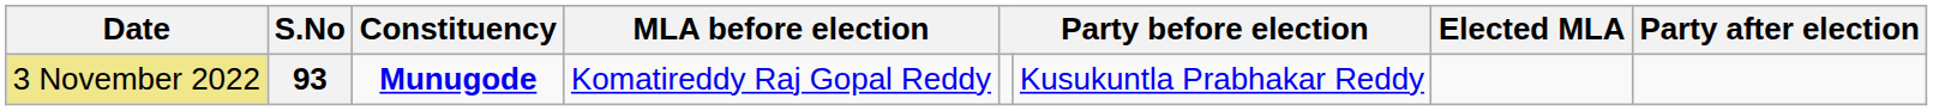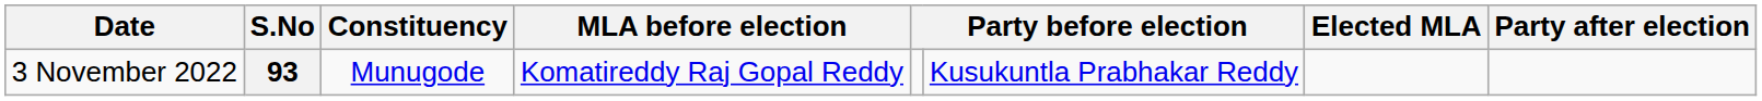 <table class="wikitable sortable" style="text-align:center;">
 <tr>
 <th>Date</th>
 <th>S.No</th>
 <th>Constituency</th>
 <th>MLA before election</th>
 <th colspan="2">Party before election</th>
 <th>Elected MLA</th>
 <th colspan="2">Party after election</th>
 </tr>
 <tr>
-<td style="background: khaki;">3 November 2022</td>
+<td>3 November 2022</td>
 <th>93</th>
-<td><strong><a href='#'>Munugode</a></strong></td>
+<td><a href='#'>Munugode</a></td>
 <td><a href='#'>Komatireddy Raj Gopal Reddy</a></td>
 <td></td>
 <td><a href='#'>Kusukuntla Prabhakar Reddy</a></td>
 <td></td>
 </tr>
 </table>
